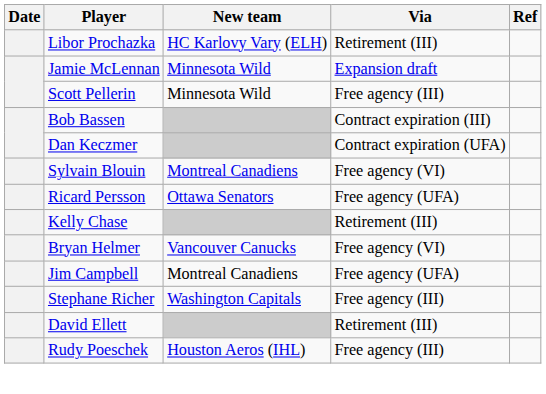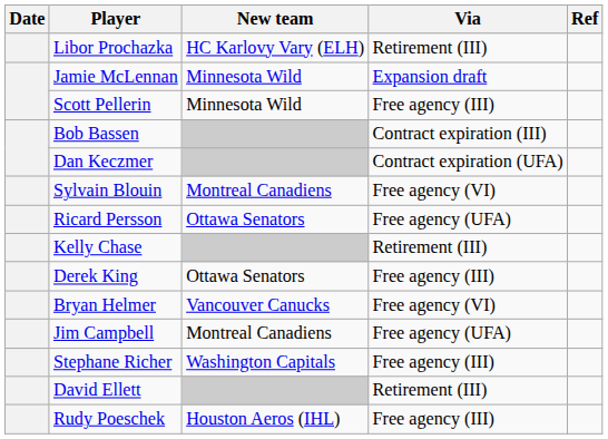 <table class="wikitable plainrowheaders">
 <tr style="background:#ddd; text-align:center;">
 <th>Date</th>
 <th>Player</th>
 <th>New team</th>
 <th>Via</th>
 <th>Ref</th>
 </tr>
 <tr>
 <th scope="row"></th>
 <td><a href='#'>Libor Prochazka</a></td>
 <td><a href='#'>HC Karlovy Vary</a> (<a href='#'>ELH</a>)</td>
 <td>Retirement (III)</td>
 <td></td>
 </tr>
 <tr>
 <th scope="row" rowspan=2></th>
 <td><a href='#'>Jamie McLennan</a></td>
 <td><a href='#'>Minnesota Wild</a></td>
 <td><a href='#'>Expansion draft</a></td>
 <td></td>
 </tr>
 <tr>
 <td><a href='#'>Scott Pellerin</a></td>
 <td>Minnesota Wild</td>
 <td>Free agency (III)</td>
 <td></td>
 </tr>
 <tr>
 <th scope="row" rowspan=2></th>
 <td><a href='#'>Bob Bassen</a></td>
 <td style="background:#ccc"></td>
 <td>Contract expiration (III)</td>
 <td></td>
 </tr>
 <tr>
 <td><a href='#'>Dan Keczmer</a></td>
 <td style="background:#ccc"></td>
 <td>Contract expiration (UFA)</td>
 <td></td>
 </tr>
 <tr>
 <th scope="row"></th>
 <td><a href='#'>Sylvain Blouin</a></td>
 <td><a href='#'>Montreal Canadiens</a></td>
 <td>Free agency (VI)</td>
 <td></td>
 </tr>
 <tr>
 <th scope="row"></th>
 <td><a href='#'>Ricard Persson</a></td>
 <td><a href='#'>Ottawa Senators</a></td>
 <td>Free agency (UFA)</td>
 <td></td>
 </tr>
 <tr>
 <th scope="row"></th>
 <td><a href='#'>Kelly Chase</a></td>
 <td style="background:#ccc"></td>
 <td>Retirement (III)</td>
 <td></td>
 </tr>
 <tr>
 <th scope="row"></th>
+<td><a href='#'>Derek King</a></td>
+<td>Ottawa Senators</td>
+<td>Free agency (III)</td>
+<td></td>
+</tr>
+<tr>
+<th scope="row"></th>
 <td><a href='#'>Bryan Helmer</a></td>
 <td><a href='#'>Vancouver Canucks</a></td>
 <td>Free agency (VI)</td>
 <td></td>
 </tr>
 <tr>
 <th scope="row"></th>
 <td><a href='#'>Jim Campbell</a></td>
 <td>Montreal Canadiens</td>
 <td>Free agency (UFA)</td>
 <td></td>
 </tr>
 <tr>
 <th scope="row"></th>
 <td><a href='#'>Stephane Richer</a></td>
 <td><a href='#'>Washington Capitals</a></td>
 <td>Free agency (III)</td>
 <td></td>
 </tr>
 <tr>
 <th scope="row"></th>
 <td><a href='#'>David Ellett</a></td>
 <td style="background:#ccc"></td>
 <td>Retirement (III)</td>
 <td></td>
 </tr>
 <tr>
 <th scope="row"></th>
 <td><a href='#'>Rudy Poeschek</a></td>
 <td><a href='#'>Houston Aeros</a> (<a href='#'>IHL</a>)</td>
 <td>Free agency (III)</td>
 <td></td>
 </tr>
 </table>
